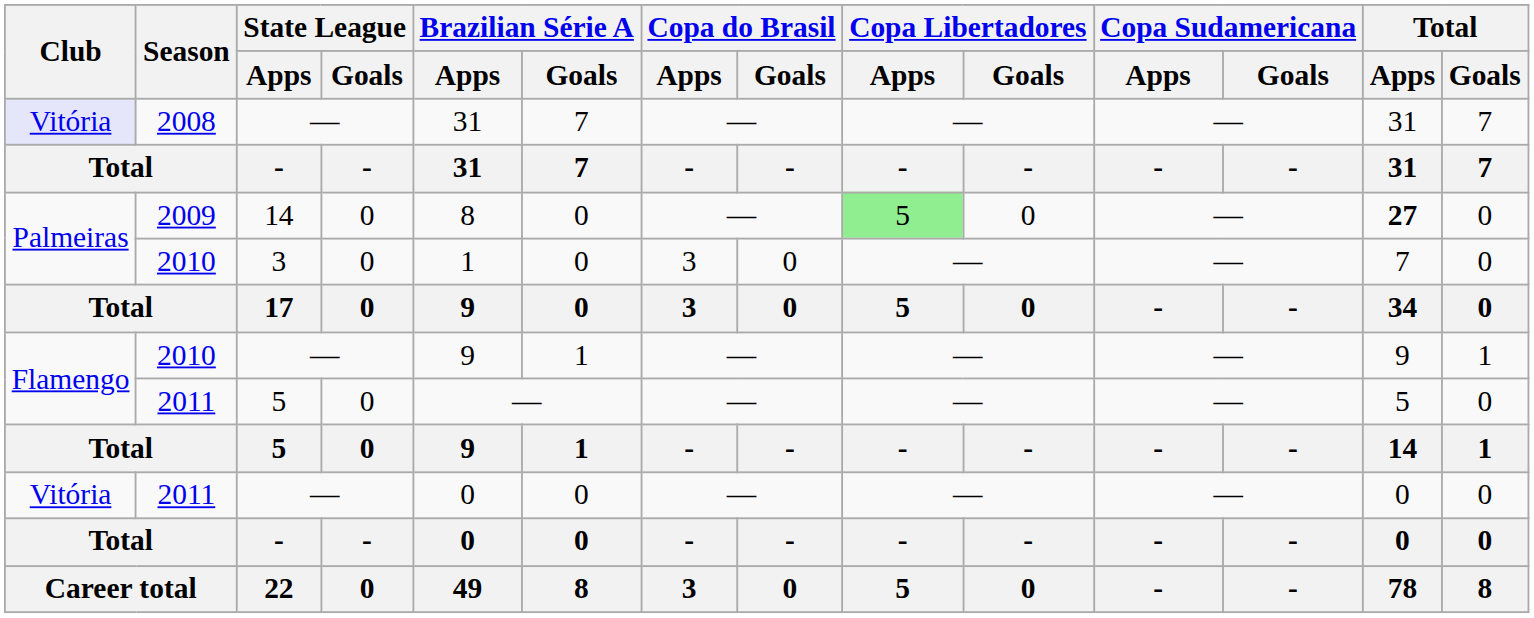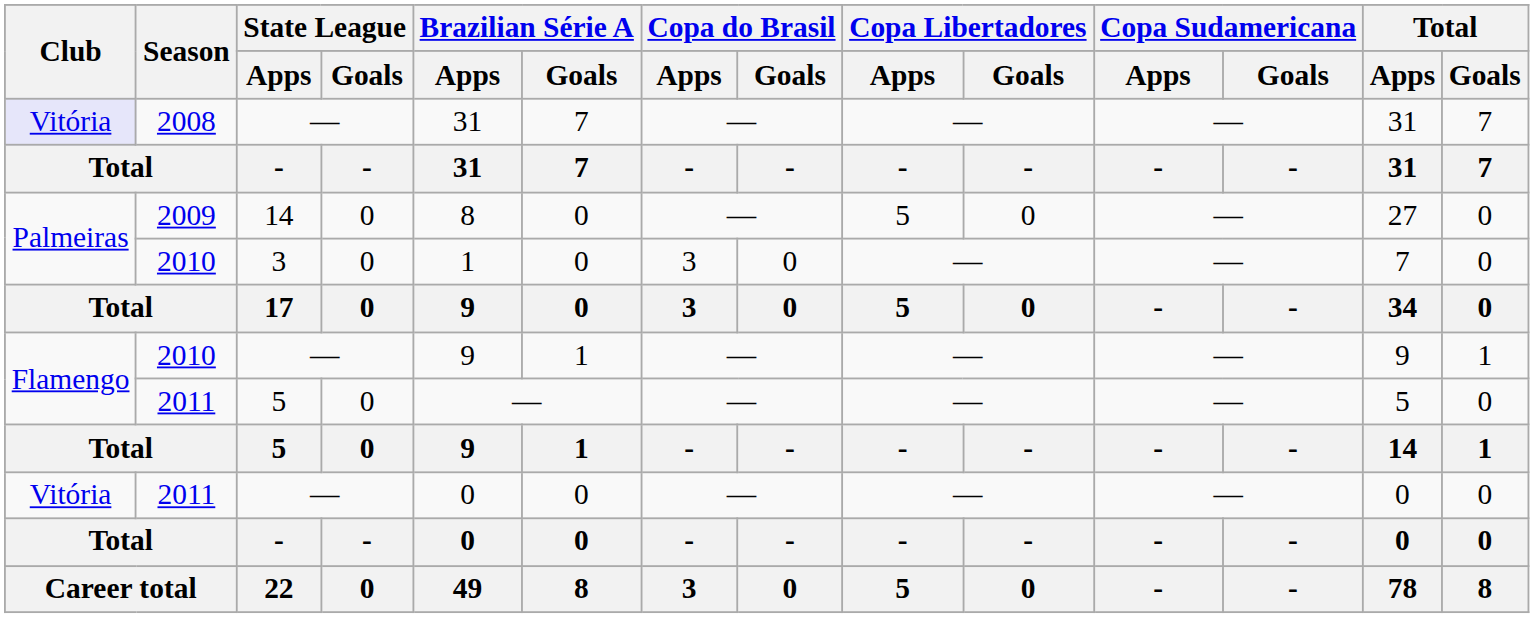 <table class="wikitable" style="text-align: center;">
 <tr>
 <th rowspan="2">Club</th>
 <th rowspan="2">Season</th>
 <th colspan="2">State League</th>
 <th colspan="2"><a href='#'>Brazilian Série A</a></th>
 <th colspan="2"><a href='#'>Copa do Brasil</a></th>
 <th colspan="2"><a href='#'>Copa Libertadores</a></th>
 <th colspan="2"><a href='#'>Copa Sudamericana</a></th>
 <th colspan="2">Total</th>
 </tr>
 <tr>
 <th>Apps</th>
 <th>Goals</th>
 <th>Apps</th>
 <th>Goals</th>
 <th>Apps</th>
 <th>Goals</th>
 <th>Apps</th>
 <th>Goals</th>
 <th>Apps</th>
 <th>Goals</th>
 <th>Apps</th>
 <th>Goals</th>
 </tr>
 <tr>
 <td style="background: lavender;"><a href='#'>Vitória</a></td>
 <td><a href='#'>2008</a></td>
 <td colspan="2">—</td>
 <td>31</td>
 <td>7</td>
 <td colspan="2">—</td>
 <td colspan="2">—</td>
 <td colspan="2">—</td>
 <td>31</td>
 <td>7</td>
 </tr>
 <tr>
 <th colspan="2">Total</th>
 <th>-</th>
 <th>-</th>
 <th>31</th>
 <th>7</th>
 <th>-</th>
 <th>-</th>
 <th>-</th>
 <th>-</th>
 <th>-</th>
 <th>-</th>
 <th>31</th>
 <th>7</th>
 </tr>
 <tr>
 <td rowspan="2"><a href='#'>Palmeiras</a></td>
 <td><a href='#'>2009</a></td>
 <td>14</td>
 <td>0</td>
 <td>8</td>
 <td>0</td>
 <td colspan="2">—</td>
-<td style="background: lightgreen;">5</td>
+<td>5</td>
 <td>0</td>
 <td colspan="2">—</td>
-<td><strong>27</strong></td>
+<td>27</td>
 <td>0</td>
 </tr>
 <tr>
 <td><a href='#'>2010</a></td>
 <td>3</td>
 <td>0</td>
 <td>1</td>
 <td>0</td>
 <td>3</td>
 <td>0</td>
 <td colspan="2">—</td>
 <td colspan="2">—</td>
 <td>7</td>
 <td>0</td>
 </tr>
 <tr>
 <th colspan="2">Total</th>
 <th>17</th>
 <th>0</th>
 <th>9</th>
 <th>0</th>
 <th>3</th>
 <th>0</th>
 <th>5</th>
 <th>0</th>
 <th>-</th>
 <th>-</th>
 <th>34</th>
 <th>0</th>
 </tr>
 <tr>
 <td rowspan="2"><a href='#'>Flamengo</a></td>
 <td><a href='#'>2010</a></td>
 <td colspan="2">—</td>
 <td>9</td>
 <td>1</td>
 <td colspan="2">—</td>
 <td colspan="2">—</td>
 <td colspan="2">—</td>
 <td>9</td>
 <td>1</td>
 </tr>
 <tr>
 <td><a href='#'>2011</a></td>
 <td>5</td>
 <td>0</td>
 <td colspan="2">—</td>
 <td colspan="2">—</td>
 <td colspan="2">—</td>
 <td colspan="2">—</td>
 <td>5</td>
 <td>0</td>
 </tr>
 <tr>
 <th colspan="2">Total</th>
 <th>5</th>
 <th>0</th>
 <th>9</th>
 <th>1</th>
 <th>-</th>
 <th>-</th>
 <th>-</th>
 <th>-</th>
 <th>-</th>
 <th>-</th>
 <th>14</th>
 <th>1</th>
 </tr>
 <tr>
 <td><a href='#'>Vitória</a></td>
 <td><a href='#'>2011</a></td>
 <td colspan="2">—</td>
 <td>0</td>
 <td>0</td>
 <td colspan="2">—</td>
 <td colspan="2">—</td>
 <td colspan="2">—</td>
 <td>0</td>
 <td>0</td>
 </tr>
 <tr>
 <th colspan="2">Total</th>
 <th>-</th>
 <th>-</th>
 <th>0</th>
 <th>0</th>
 <th>-</th>
 <th>-</th>
 <th>-</th>
 <th>-</th>
 <th>-</th>
 <th>-</th>
 <th>0</th>
 <th>0</th>
 </tr>
 <tr>
 <th colspan="2"><strong>Career total</strong></th>
 <th>22</th>
 <th>0</th>
 <th>49</th>
 <th>8</th>
 <th>3</th>
 <th>0</th>
 <th>5</th>
 <th>0</th>
 <th>-</th>
 <th>-</th>
 <th>78</th>
 <th>8</th>
 </tr>
 </table>
